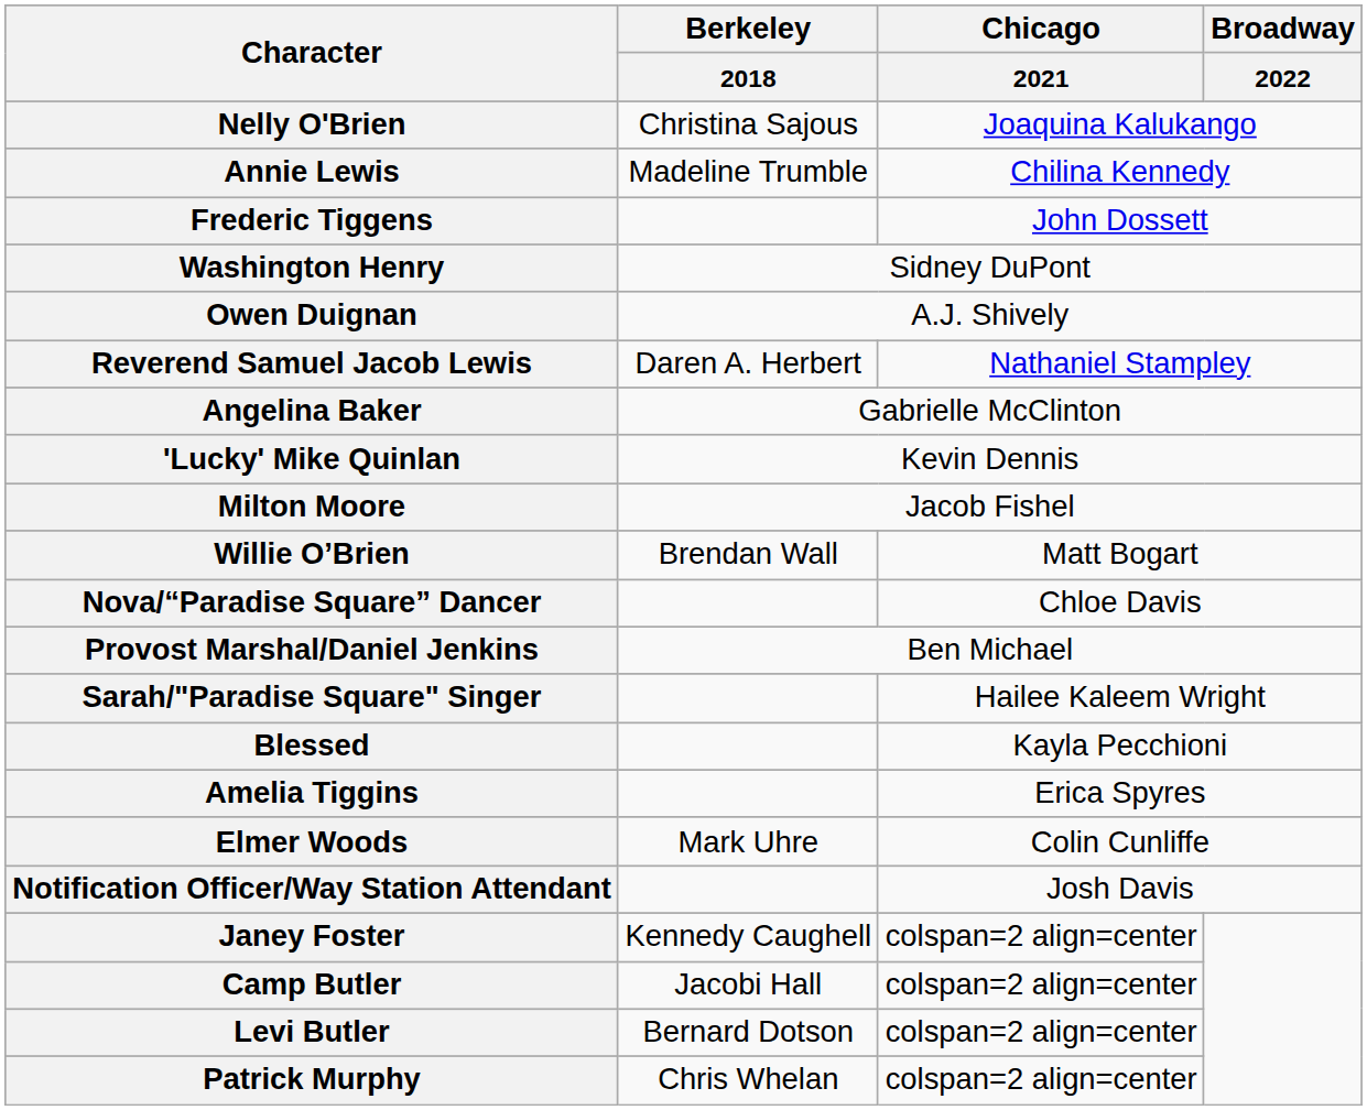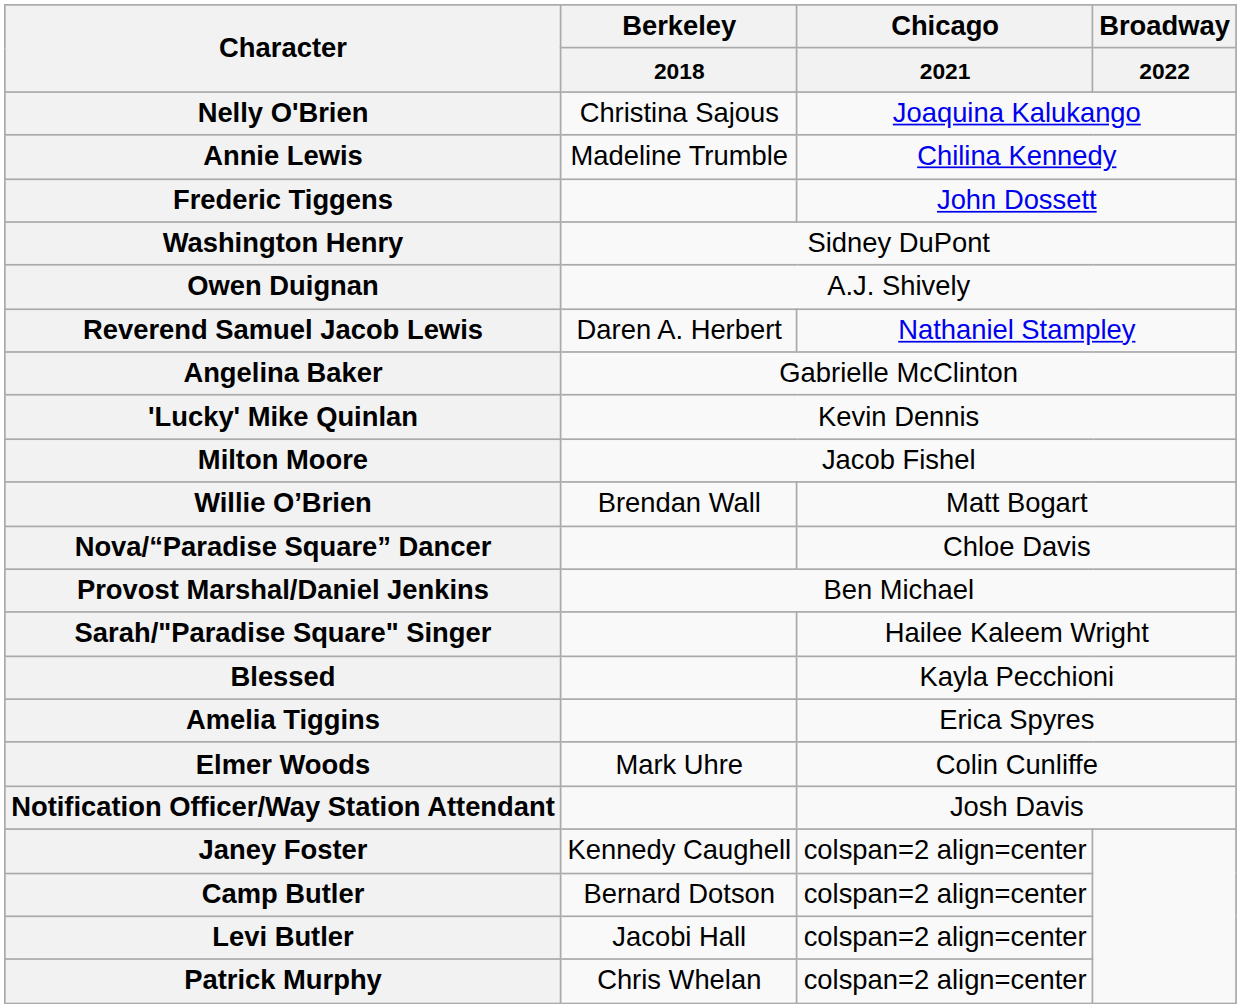 <table class="wikitable" style="width:1000;">
 <tr>
 <th rowspan="2">Character</th>
 <th>Berkeley</th>
 <th>Chicago</th>
 <th>Broadway</th>
 </tr>
 <tr>
 <th><small>2018</small></th>
 <th><small>2021</small></th>
 <th><small>2022</small></th>
 </tr>
 <tr>
 <th>Nelly O'Brien</th>
 <td colspan="1" align="center">Christina Sajous</td>
 <td colspan="2" align="center"><a href='#'>Joaquina Kalukango</a></td>
 </tr>
 <tr>
 <th>Annie Lewis</th>
 <td colspan="1" align="center">Madeline Trumble</td>
 <td colspan="2" align="center"><a href='#'>Chilina Kennedy</a></td>
 </tr>
 <tr>
 <th>Frederic Tiggens</th>
 <td></td>
 <td colspan="2" align="center"><a href='#'>John Dossett</a></td>
 </tr>
 <tr>
 <th>Washington Henry</th>
 <td colspan="3" align="center">Sidney DuPont</td>
 </tr>
 <tr>
 <th>Owen Duignan</th>
 <td colspan="3" align="center">A.J. Shively</td>
 </tr>
 <tr>
 <th>Reverend Samuel Jacob Lewis</th>
 <td colspan="1" align="center">Daren A. Herbert</td>
 <td colspan="2" align="center"><a href='#'>Nathaniel Stampley</a></td>
 </tr>
 <tr>
 <th>Angelina Baker</th>
 <td colspan="3" align="center">Gabrielle McClinton</td>
 </tr>
 <tr>
 <th>'Lucky' Mike Quinlan</th>
 <td colspan="3" align="center">Kevin Dennis</td>
 </tr>
 <tr>
 <th>Milton Moore</th>
 <td colspan="3" align="center">Jacob Fishel</td>
 </tr>
 <tr>
 <th>Willie O’Brien</th>
 <td colspan="1" align="center">Brendan Wall</td>
 <td colspan="2" align="center">Matt Bogart</td>
 </tr>
 <tr>
 <th>Nova/“Paradise Square” Dancer</th>
 <td></td>
 <td colspan="2" align="center">Chloe Davis</td>
 </tr>
 <tr>
 <th>Provost Marshal/Daniel Jenkins</th>
 <td colspan="3" align="center">Ben Michael</td>
 </tr>
 <tr>
 <th>Sarah/"Paradise Square" Singer</th>
 <td></td>
 <td colspan="2" align="center">Hailee Kaleem Wright</td>
 </tr>
 <tr>
 <th>Blessed</th>
 <td></td>
 <td colspan="2" align="center">Kayla Pecchioni</td>
 </tr>
 <tr>
 <th>Amelia Tiggins</th>
 <td></td>
 <td colspan="2" align="center">Erica Spyres</td>
 </tr>
 <tr>
 <th>Elmer Woods</th>
 <td colspan="1" align="center">Mark Uhre</td>
 <td colspan="2" align="center">Colin Cunliffe</td>
 </tr>
 <tr>
 <th>Notification Officer/Way Station Attendant</th>
 <td></td>
 <td colspan="2" align="center">Josh Davis</td>
 </tr>
 <tr>
 <th>Janey Foster</th>
 <td colspan="1" align="center">Kennedy Caughell</td>
 <td>colspan=2 align=center </td>
 </tr>
 <tr>
 <th>Camp Butler</th>
-<td colspan="1" align="center">Jacobi Hall</td>
+<td colspan="1" align="center">Bernard Dotson</td>
 <td>colspan=2 align=center </td>
 </tr>
 <tr>
 <th>Levi Butler</th>
-<td colspan="1" align="center">Bernard Dotson</td>
+<td colspan="1" align="center">Jacobi Hall</td>
 <td>colspan=2 align=center </td>
 </tr>
 <tr>
 <th>Patrick Murphy</th>
 <td colspan="1" align="center">Chris Whelan</td>
 <td>colspan=2 align=center </td>
 </tr>
 </table>
